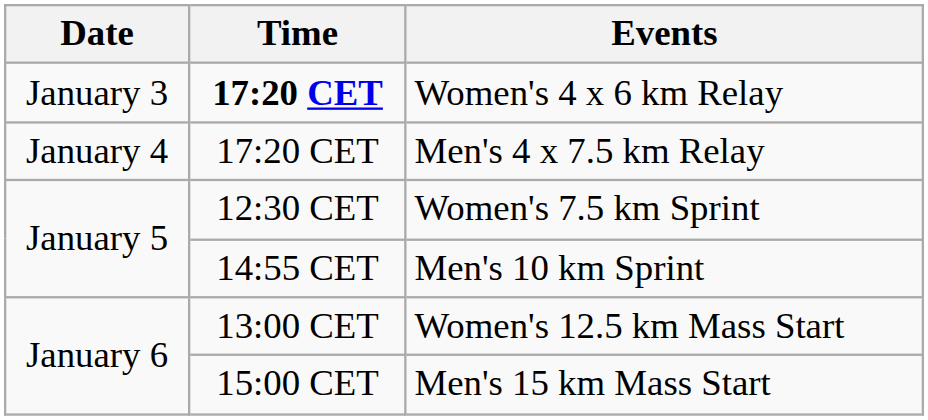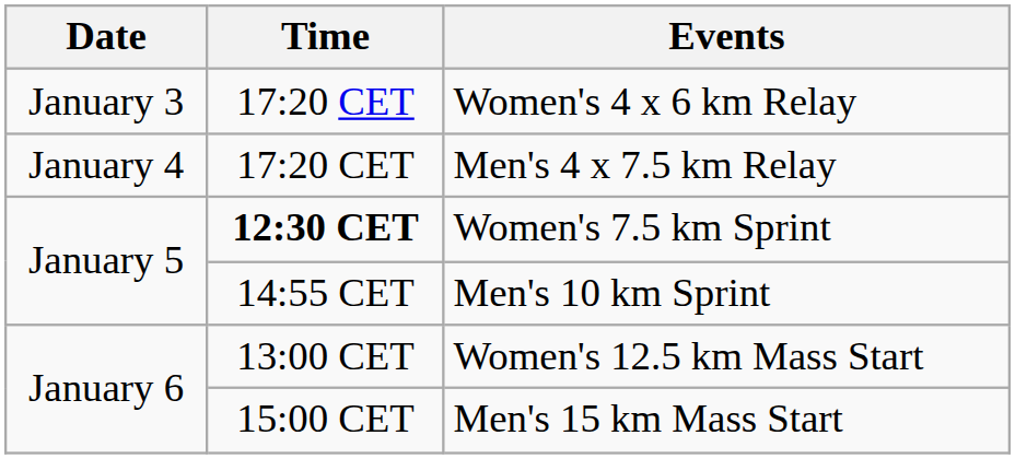 <table class="wikitable" style="text-align: center" width="400">
 <tr>
 <th>Date</th>
 <th>Time</th>
 <th>Events</th>
 </tr>
 <tr>
 <td>January 3</td>
-<td><strong>17:20 <a href='#'>CET</a></strong></td>
+<td>17:20 <a href='#'>CET</a></td>
 <td style="text-align: left">Women's 4 x 6 km Relay</td>
 </tr>
 <tr>
 <td>January 4</td>
 <td>17:20 CET</td>
 <td style="text-align: left">Men's 4 x 7.5 km Relay</td>
 </tr>
 <tr>
 <td rowspan=2>January 5</td>
-<td>12:30 CET</td>
+<td><strong>12:30 CET</strong></td>
 <td style="text-align: left">Women's 7.5 km Sprint</td>
 </tr>
 <tr>
 <td>14:55 CET</td>
 <td style="text-align: left">Men's 10 km Sprint</td>
 </tr>
 <tr>
 <td rowspan=2>January 6</td>
 <td>13:00 CET</td>
 <td style="text-align: left">Women's 12.5 km Mass Start</td>
 </tr>
 <tr>
 <td>15:00 CET</td>
 <td style="text-align: left">Men's 15 km Mass Start</td>
 </tr>
 </table>
